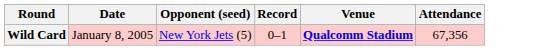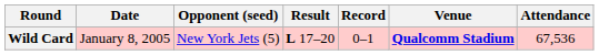 <table class="wikitable" style="text-align:center">
 <tr>
 <th>Round</th>
 <th>Date</th>
 <th>Opponent (seed)</th>
+<th>Result</th>
 <th>Record</th>
 <th>Venue</th>
 <th>Attendance</th>
 </tr>
 <tr style="background:#fcc">
 <th>Wild Card</th>
 <td>January 8, 2005</td>
 <td><a href='#'>New York Jets</a> (5)</td>
+<td><strong>L</strong> 17–20</td>
 <td>0–1</td>
 <td><strong><a href='#'>Qualcomm Stadium</a></strong></td>
-<td>67,356</td>
+<td>67,536</td>
 </tr>
 </table>
